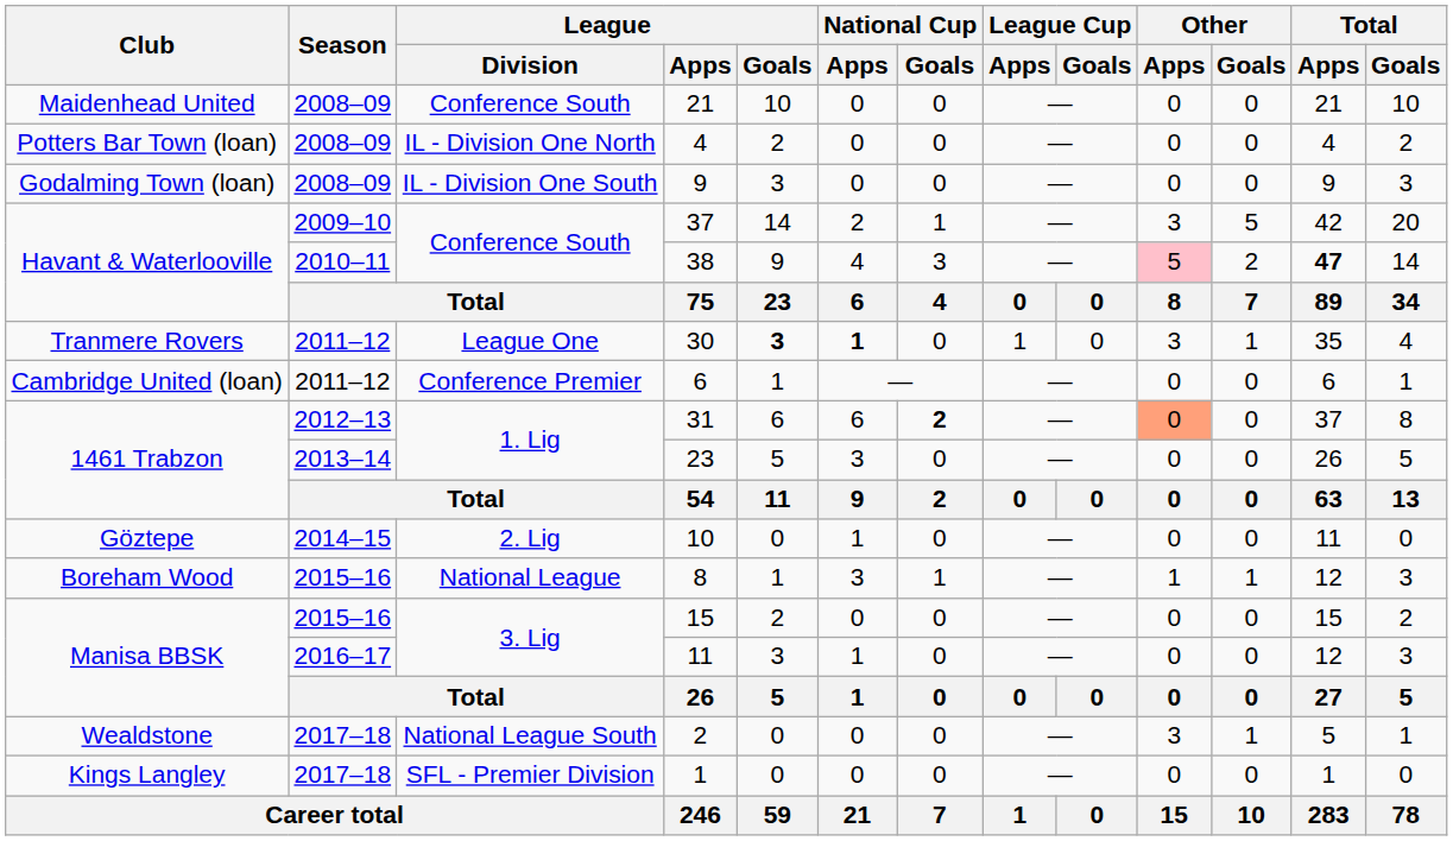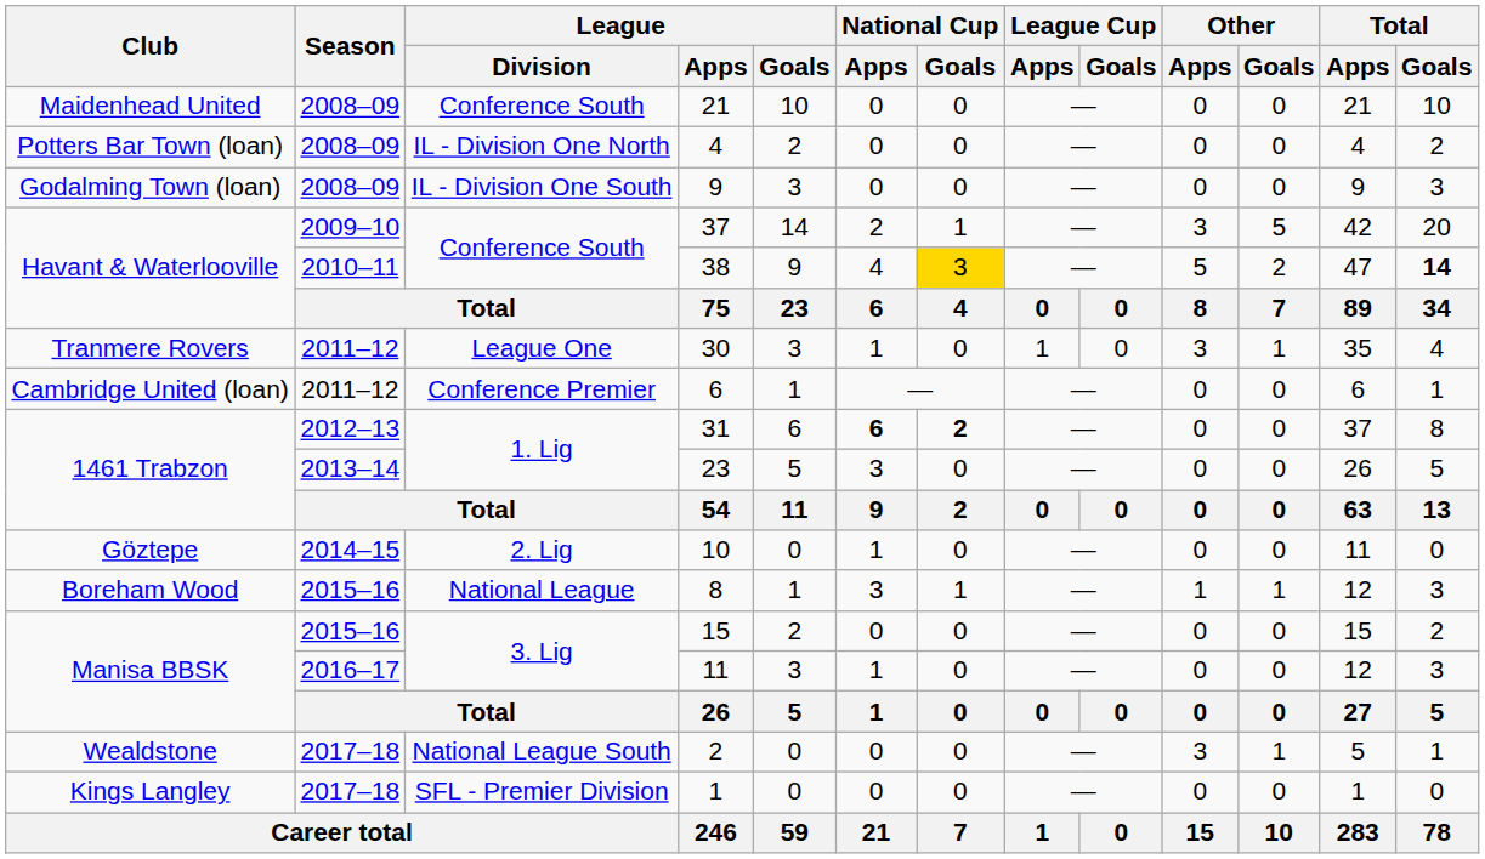 <table class="wikitable" style="text-align:center">
 <tr>
 <th rowspan="2">Club</th>
 <th rowspan="2">Season</th>
 <th colspan="3">League</th>
 <th colspan="2">National Cup</th>
 <th colspan="2">League Cup</th>
 <th colspan="2">Other</th>
 <th colspan="2">Total</th>
 </tr>
 <tr>
 <th>Division</th>
 <th>Apps</th>
 <th>Goals</th>
 <th>Apps</th>
 <th>Goals</th>
 <th>Apps</th>
 <th>Goals</th>
 <th>Apps</th>
 <th>Goals</th>
 <th>Apps</th>
 <th>Goals</th>
 </tr>
 <tr>
 <td><a href='#'>Maidenhead United</a></td>
 <td><a href='#'>2008–09</a></td>
 <td><a href='#'>Conference South</a></td>
 <td>21</td>
 <td>10</td>
 <td>0</td>
 <td>0</td>
 <td colspan="2">—</td>
 <td>0</td>
 <td>0</td>
 <td>21</td>
 <td>10</td>
 </tr>
 <tr>
 <td><a href='#'>Potters Bar Town</a> (loan)</td>
 <td><a href='#'>2008–09</a></td>
 <td><a href='#'>IL - Division One North</a></td>
 <td>4</td>
 <td>2</td>
 <td>0</td>
 <td>0</td>
 <td colspan="2">—</td>
 <td>0</td>
 <td>0</td>
 <td>4</td>
 <td>2</td>
 </tr>
 <tr>
 <td><a href='#'>Godalming Town</a> (loan)</td>
 <td><a href='#'>2008–09</a></td>
 <td><a href='#'>IL - Division One South</a></td>
 <td>9</td>
 <td>3</td>
 <td>0</td>
 <td>0</td>
 <td colspan="2">—</td>
 <td>0</td>
 <td>0</td>
 <td>9</td>
 <td>3</td>
 </tr>
 <tr>
 <td rowspan="3"><a href='#'>Havant & Waterlooville</a></td>
 <td><a href='#'>2009–10</a></td>
 <td rowspan="2"><a href='#'>Conference South</a></td>
 <td>37</td>
 <td>14</td>
 <td>2</td>
 <td>1</td>
 <td colspan="2">—</td>
 <td>3</td>
 <td>5</td>
 <td>42</td>
 <td>20</td>
 </tr>
 <tr>
 <td><a href='#'>2010–11</a></td>
 <td>38</td>
 <td>9</td>
 <td>4</td>
-<td>3</td>
+<td style="background: gold;">3</td>
 <td colspan="2">—</td>
-<td style="background: pink;">5</td>
+<td>5</td>
 <td>2</td>
-<td><strong>47</strong></td>
-<td>14</td>
+<td>47</td>
+<td><strong>14</strong></td>
 </tr>
 <tr>
 <th colspan="2">Total</th>
 <th>75</th>
 <th>23</th>
 <th>6</th>
 <th>4</th>
 <th>0</th>
 <th>0</th>
 <th>8</th>
 <th>7</th>
 <th>89</th>
 <th>34</th>
 </tr>
 <tr>
 <td><a href='#'>Tranmere Rovers</a></td>
 <td><a href='#'>2011–12</a></td>
 <td><a href='#'>League One</a></td>
 <td>30</td>
-<td><strong>3</strong></td>
-<td><strong>1</strong></td>
+<td>3</td>
+<td>1</td>
 <td>0</td>
 <td>1</td>
 <td>0</td>
 <td>3</td>
 <td>1</td>
 <td>35</td>
 <td>4</td>
 </tr>
 <tr>
 <td><a href='#'>Cambridge United</a> (loan)</td>
 <td>2011–12</td>
 <td><a href='#'>Conference Premier</a></td>
 <td>6</td>
 <td>1</td>
 <td colspan="2">—</td>
 <td colspan="2">—</td>
 <td>0</td>
 <td>0</td>
 <td>6</td>
 <td>1</td>
 </tr>
 <tr>
 <td rowspan="3"><a href='#'>1461 Trabzon</a></td>
 <td><a href='#'>2012–13</a></td>
 <td rowspan="2"><a href='#'>1. Lig</a></td>
 <td>31</td>
 <td>6</td>
-<td>6</td>
+<td><strong>6</strong></td>
 <td><strong>2</strong></td>
 <td colspan="2">—</td>
-<td style="background: lightsalmon;">0</td>
+<td>0</td>
 <td>0</td>
 <td>37</td>
 <td>8</td>
 </tr>
 <tr>
 <td><a href='#'>2013–14</a></td>
 <td>23</td>
 <td>5</td>
 <td>3</td>
 <td>0</td>
 <td colspan="2">—</td>
 <td>0</td>
 <td>0</td>
 <td>26</td>
 <td>5</td>
 </tr>
 <tr>
 <th colspan="2">Total</th>
 <th>54</th>
 <th>11</th>
 <th>9</th>
 <th>2</th>
 <th>0</th>
 <th>0</th>
 <th>0</th>
 <th>0</th>
 <th>63</th>
 <th>13</th>
 </tr>
 <tr>
 <td><a href='#'>Göztepe</a></td>
 <td><a href='#'>2014–15</a></td>
 <td><a href='#'>2. Lig</a></td>
 <td>10</td>
 <td>0</td>
 <td>1</td>
 <td>0</td>
 <td colspan="2">—</td>
 <td>0</td>
 <td>0</td>
 <td>11</td>
 <td>0</td>
 </tr>
 <tr>
 <td><a href='#'>Boreham Wood</a></td>
 <td><a href='#'>2015–16</a></td>
 <td><a href='#'>National League</a></td>
 <td>8</td>
 <td>1</td>
 <td>3</td>
 <td>1</td>
 <td colspan="2">—</td>
 <td>1</td>
 <td>1</td>
 <td>12</td>
 <td>3</td>
 </tr>
 <tr>
 <td rowspan="3"><a href='#'>Manisa BBSK</a></td>
 <td><a href='#'>2015–16</a></td>
 <td rowspan="2"><a href='#'>3. Lig</a></td>
 <td>15</td>
 <td>2</td>
 <td>0</td>
 <td>0</td>
 <td colspan="2">—</td>
 <td>0</td>
 <td>0</td>
 <td>15</td>
 <td>2</td>
 </tr>
 <tr>
 <td><a href='#'>2016–17</a></td>
 <td>11</td>
 <td>3</td>
 <td>1</td>
 <td>0</td>
 <td colspan="2">—</td>
 <td>0</td>
 <td>0</td>
 <td>12</td>
 <td>3</td>
 </tr>
 <tr>
 <th colspan="2">Total</th>
 <th>26</th>
 <th>5</th>
 <th>1</th>
 <th>0</th>
 <th>0</th>
 <th>0</th>
 <th>0</th>
 <th>0</th>
 <th>27</th>
 <th>5</th>
 </tr>
 <tr>
 <td><a href='#'>Wealdstone</a></td>
 <td><a href='#'>2017–18</a></td>
 <td><a href='#'>National League South</a></td>
 <td>2</td>
 <td>0</td>
 <td>0</td>
 <td>0</td>
 <td colspan="2">—</td>
 <td>3</td>
 <td>1</td>
 <td>5</td>
 <td>1</td>
 </tr>
 <tr>
 <td><a href='#'>Kings Langley</a></td>
 <td><a href='#'>2017–18</a></td>
 <td><a href='#'>SFL - Premier Division</a></td>
 <td>1</td>
 <td>0</td>
 <td>0</td>
 <td>0</td>
 <td colspan="2">—</td>
 <td>0</td>
 <td>0</td>
 <td>1</td>
 <td>0</td>
 </tr>
 <tr>
 <th colspan="3">Career total</th>
 <th>246</th>
 <th>59</th>
 <th>21</th>
 <th>7</th>
 <th>1</th>
 <th>0</th>
 <th>15</th>
 <th>10</th>
 <th>283</th>
 <th>78</th>
 </tr>
 </table>
